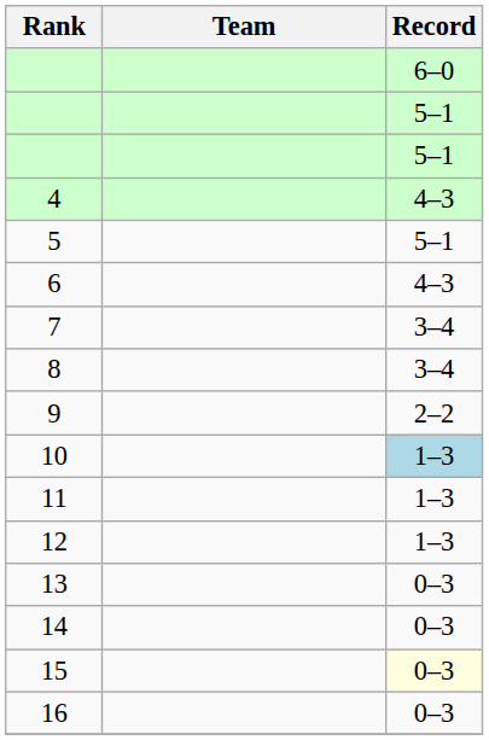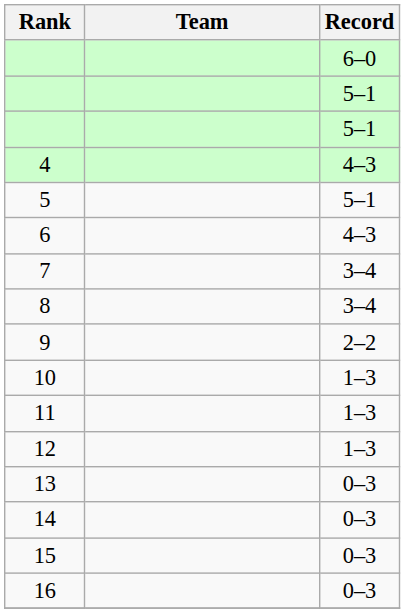 <table class="wikitable" style="text-align: center">
 <tr>
 <th width=50>Rank</th>
 <th width=160>Team</th>
 <th width=50>Record</th>
 </tr>
 <tr bgcolor=#ccffcc>
 <td></td>
 <td align=left></td>
 <td>6–0</td>
 </tr>
 <tr bgcolor=#ccffcc>
 <td></td>
 <td align=left></td>
 <td>5–1</td>
 </tr>
 <tr bgcolor=#ccffcc>
 <td></td>
 <td align=left></td>
 <td>5–1</td>
 </tr>
 <tr bgcolor=#ccffcc>
 <td>4</td>
 <td align=left></td>
 <td>4–3</td>
 </tr>
 <tr>
 <td>5</td>
 <td align=left></td>
 <td>5–1</td>
 </tr>
 <tr>
 <td>6</td>
 <td align=left></td>
 <td>4–3</td>
 </tr>
 <tr>
 <td>7</td>
 <td align=left></td>
 <td>3–4</td>
 </tr>
 <tr>
 <td>8</td>
 <td align=left></td>
 <td>3–4</td>
 </tr>
 <tr>
 <td>9</td>
 <td align=left></td>
 <td>2–2</td>
 </tr>
 <tr>
 <td>10</td>
 <td align=left></td>
-<td style="background: lightblue;">1–3</td>
+<td>1–3</td>
 </tr>
 <tr>
 <td>11</td>
 <td align=left></td>
 <td>1–3</td>
 </tr>
 <tr>
 <td>12</td>
 <td align=left></td>
 <td>1–3</td>
 </tr>
 <tr>
 <td>13</td>
 <td align=left></td>
 <td>0–3</td>
 </tr>
 <tr>
 <td>14</td>
 <td align=left></td>
 <td>0–3</td>
 </tr>
 <tr>
 <td>15</td>
 <td align=left></td>
-<td style="background: lightyellow;">0–3</td>
+<td>0–3</td>
 </tr>
 <tr>
 <td>16</td>
 <td align=left></td>
 <td>0–3</td>
 </tr>
 <tr>
 </tr>
 </table>
